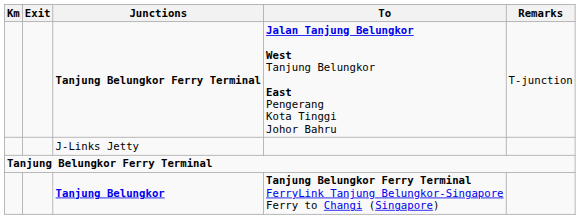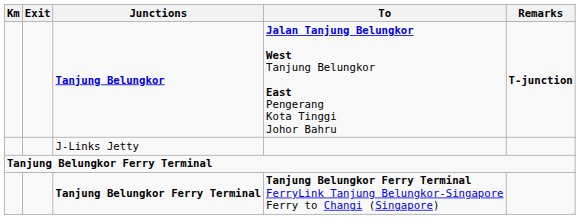 <table class="wikitable">
 <tr>
 <th>Km</th>
 <th>Exit</th>
 <th>Junctions</th>
 <th>To</th>
 <th>Remarks</th>
 </tr>
 <tr>
 <td></td>
 <td></td>
-<td><strong>Tanjung Belungkor Ferry Terminal</strong> </td>
+<td><strong><a href='#'>Tanjung Belungkor</a></strong></td>
 <td> <strong><a href='#'>Jalan Tanjung Belungkor</a></strong><br><br><strong>West</strong><br> Tanjung Belungkor<br><br><strong>East</strong><br> Pengerang<br> Kota Tinggi<br>  Johor Bahru</td>
-<td>T-junction</td>
+<td><strong>T-junction</strong></td>
 </tr>
 <tr>
 <td></td>
 <td></td>
 <td>J-Links Jetty</td>
 <td></td>
 <td></td>
 </tr>
 <tr>
 <td style="width:600px" colspan="6" style="text-align:center; background:blue;"><strong><span>Tanjung Belungkor Ferry Terminal </span></strong></td>
 </tr>
 <tr>
 <td></td>
 <td></td>
-<td><strong><a href='#'>Tanjung Belungkor</a></strong></td>
+<td><strong>Tanjung Belungkor Ferry Terminal</strong> </td>
 <td><strong>Tanjung Belungkor Ferry Terminal</strong> <br><a href='#'>FerryLink Tanjung Belungkor-Singapore</a><br>Ferry to <a href='#'>Changi</a> (<a href='#'>Singapore</a>)</td>
 <td></td>
 </tr>
 </table>
